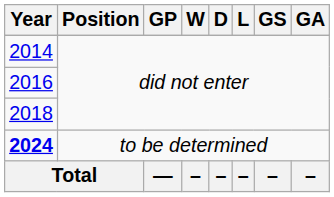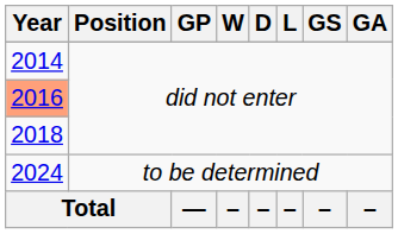 <table class="wikitable" style="text-align: center;">
 <tr>
 <th>Year</th>
 <th>Position</th>
 <th>GP</th>
 <th>W</th>
 <th>D</th>
 <th>L</th>
 <th>GS</th>
 <th>GA</th>
 </tr>
 <tr>
 </tr>
 <tr>
 <td> <a href='#'>2014</a></td>
 <td colspan=7 rowspan=3><em>did not enter</em></td>
 </tr>
 <tr>
-<td> <a href='#'>2016</a></td>
+<td style="background: lightsalmon;"> <a href='#'>2016</a></td>
 </tr>
 <tr>
 <td> <a href='#'>2018</a></td>
 </tr>
 <tr>
-<td><strong> <a href='#'>2024</a></strong></td>
+<td> <a href='#'>2024</a></td>
 <td colspan =7><em>to be determined</em></td>
 </tr>
 <tr>
 <th colspan=2><strong>Total</strong></th>
 <th><strong>—</strong></th>
 <th><strong>–</strong></th>
 <th><strong>–</strong></th>
 <th><strong>–</strong></th>
 <th><strong>–</strong></th>
 <th><strong>–</strong></th>
 </tr>
 </table>
